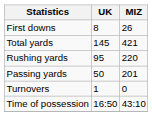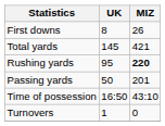 <table class="wikitable" style="float: left;">
 <tr>
 <th>Statistics</th>
 <th>UK</th>
 <th>MIZ</th>
 </tr>
 <tr>
 <td>First downs</td>
 <td>8</td>
 <td>26</td>
 </tr>
 <tr>
 <td>Total yards</td>
 <td>145</td>
 <td>421</td>
 </tr>
 <tr>
 <td>Rushing yards</td>
 <td>95</td>
-<td>220</td>
+<td><strong>220</strong></td>
 </tr>
 <tr>
 <td>Passing yards</td>
 <td>50</td>
 <td>201</td>
 </tr>
 <tr>
+<td>Time of possession</td>
+<td>16:50</td>
+<td>43:10</td>
+</tr>
+<tr>
 <td>Turnovers</td>
 <td>1</td>
 <td>0</td>
 </tr>
 <tr>
-<td>Time of possession</td>
-<td>16:50</td>
-<td>43:10</td>
-</tr>
-<tr>
 </tr>
 </table>
